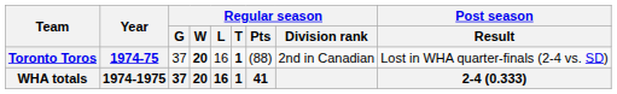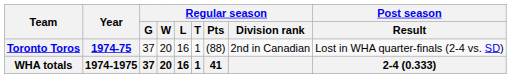 <table class="wikitable" style="font-size: 95%; text-align:center;">
 <tr>
 <th rowspan="2">Team</th>
 <th rowspan="2">Year</th>
 <th colspan="6"><a href='#'>Regular season</a></th>
 <th colspan="1"><a href='#'>Post season</a></th>
 </tr>
 <tr>
 <th>G</th>
 <th>W</th>
 <th>L</th>
 <th>T</th>
 <th>Pts</th>
 <th>Division rank</th>
 <th>Result</th>
 </tr>
 <tr>
 <th><a href='#'>Toronto Toros</a></th>
 <th><a href='#'>1974-75</a></th>
 <td>37</td>
-<td><strong>20</strong></td>
+<td>20</td>
 <td>16</td>
-<td><strong>1</strong></td>
+<td>1</td>
 <td>(88)</td>
 <td>2nd in Canadian</td>
 <td>Lost in WHA quarter-finals (2-4 vs. <a href='#'>SD</a>)</td>
 </tr>
 <tr align="centre" bgcolor="#dddddd">
 <th>WHA totals</th>
 <th>1974-1975</th>
 <th>37</th>
 <th>20</th>
 <th>16</th>
 <th>1</th>
 <th>41</th>
 <th></th>
 <th>2-4 (0.333)</th>
 </tr>
 </table>
